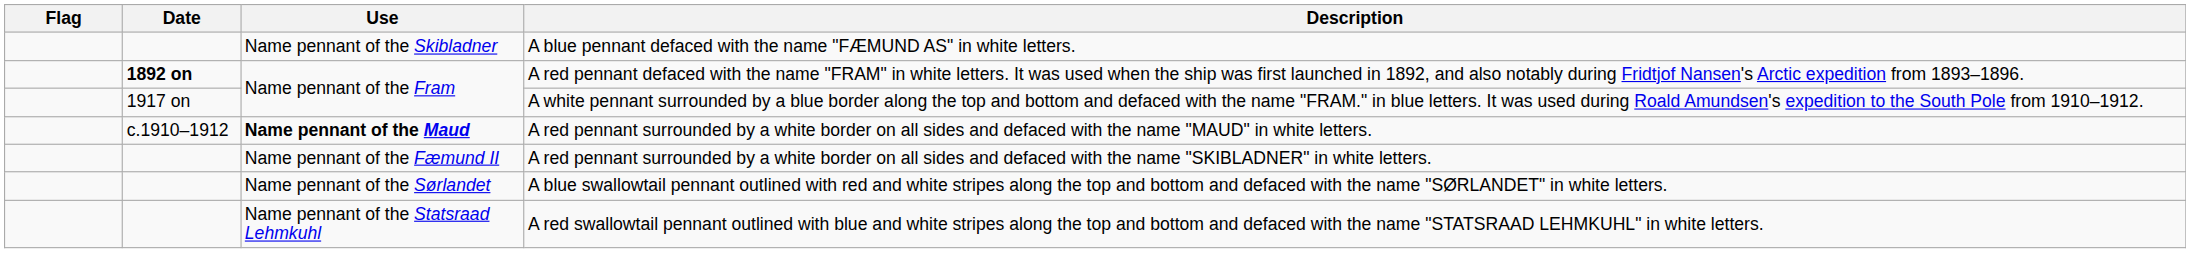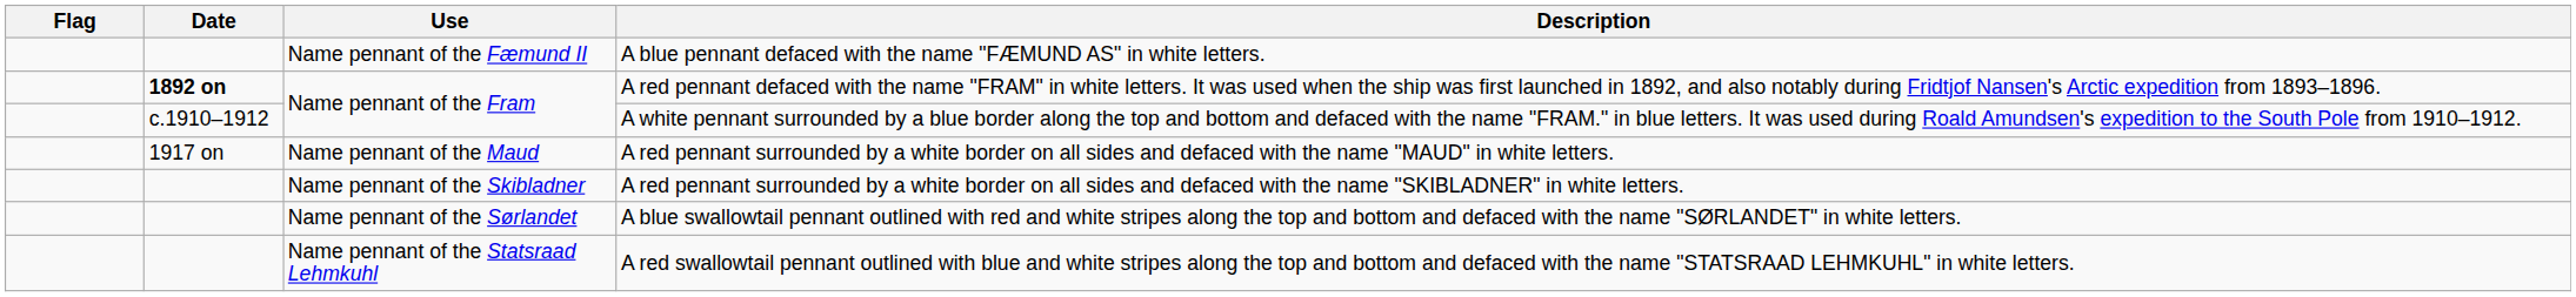 <table class="wikitable" width="100%">
 <tr>
 <th style="width:100px;">Flag</th>
 <th style="width:100px;">Date</th>
 <th style="width:250px;">Use</th>
 <th style="min-width:250px">Description</th>
 </tr>
 <tr>
 <td></td>
 <td></td>
-<td>Name pennant of the <em><a href='#'>Skibladner</a></em></td>
+<td>Name pennant of the <em><a href='#'>Fæmund II</a></em></td>
 <td>A blue pennant defaced with the name "FÆMUND AS" in white letters.</td>
 </tr>
 <tr>
 <td></td>
 <td><strong>1892 on</strong></td>
 <td rowspan="2">Name pennant of the <em><a href='#'>Fram</a></em></td>
 <td>A red pennant defaced with the name "FRAM" in white letters. It was used when the ship was first launched in 1892, and also notably during <a href='#'>Fridtjof Nansen</a>'s <a href='#'>Arctic expedition</a> from 1893–1896.</td>
 </tr>
 <tr>
 <td></td>
-<td>1917 on</td>
+<td>c.1910–1912</td>
 <td>A white pennant surrounded by a blue border along the top and bottom and defaced with the name "FRAM." in blue letters. It was used during <a href='#'>Roald Amundsen</a>'s <a href='#'>expedition to the South Pole</a> from 1910–1912.</td>
 </tr>
 <tr>
 <td></td>
-<td>c.1910–1912</td>
-<td><strong>Name pennant of the <em><a href='#'>Maud</a></em></strong></td>
+<td>1917 on</td>
+<td>Name pennant of the <em><a href='#'>Maud</a></em></td>
 <td>A red pennant surrounded by a white border on all sides and defaced with the name "MAUD" in white letters.</td>
 </tr>
 <tr>
 <td></td>
 <td></td>
-<td>Name pennant of the <em><a href='#'>Fæmund II</a></em></td>
+<td>Name pennant of the <em><a href='#'>Skibladner</a></em></td>
 <td>A red pennant surrounded by a white border on all sides and defaced with the name "SKIBLADNER" in white letters.</td>
 </tr>
 <tr>
 <td></td>
 <td></td>
 <td>Name pennant of the <em><a href='#'>Sørlandet</a></em></td>
 <td>A blue swallowtail pennant outlined with red and white stripes along the top and bottom and defaced with the name "SØRLANDET" in white letters.</td>
 </tr>
 <tr>
 <td></td>
 <td></td>
 <td>Name pennant of the <em><a href='#'>Statsraad Lehmkuhl</a></em></td>
 <td>A red swallowtail pennant outlined with blue and white stripes along the top and bottom and defaced with the name "STATSRAAD LEHMKUHL" in white letters.</td>
 </tr>
 </table>
